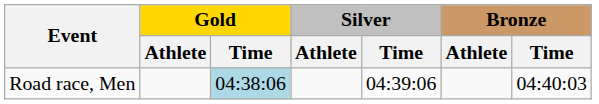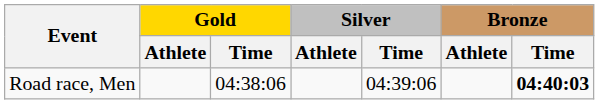 <table class="wikitable">
 <tr>
 <th rowspan=2>Event</th>
 <th scope=colgroup colspan="2" style="background-color:gold;">Gold</th>
 <th style="background-color:silver;" scope=colgroup colspan="2">Silver</th>
 <th style="background-color:#cc9966;"  scope=colgroup colspan="2">Bronze</th>
 </tr>
 <tr>
 <th scope=col>Athlete</th>
 <th scope=col>Time</th>
 <th scope=col>Athlete</th>
 <th scope=col>Time</th>
 <th scope=col>Athlete</th>
 <th scope=col>Time</th>
 </tr>
 <tr>
 <td>Road race, Men</td>
 <td></td>
-<td style="background: lightblue;">04:38:06</td>
+<td>04:38:06</td>
 <td></td>
 <td>04:39:06</td>
 <td></td>
-<td>04:40:03</td>
+<td><strong>04:40:03</strong></td>
 </tr>
 </table>
